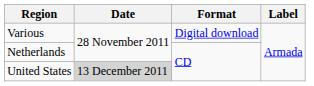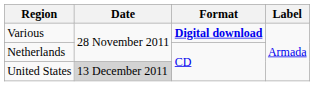 <table class=wikitable>
 <tr>
 <th>Region</th>
 <th>Date</th>
 <th>Format</th>
 <th>Label</th>
 </tr>
 <tr>
 <td>Various</td>
 <td rowspan="2">28 November 2011</td>
-<td><a href='#'>Digital download</a></td>
+<td><strong><a href='#'>Digital download</a></strong></td>
 <td rowspan="3"><a href='#'>Armada</a></td>
 </tr>
 <tr>
 <td>Netherlands</td>
 <td rowspan="2"><a href='#'>CD</a></td>
 </tr>
 <tr>
 <td>United States</td>
 <td style="background: lightgrey;">13 December 2011</td>
 </tr>
 </table>
